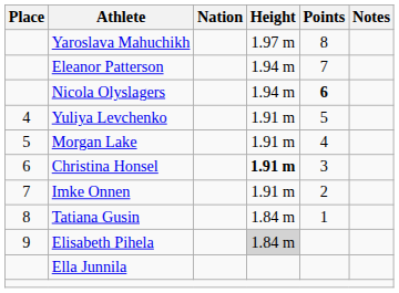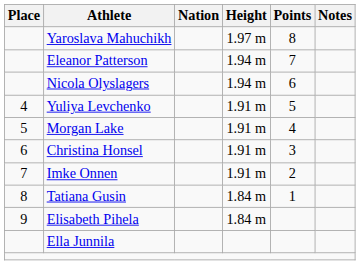 <table class="wikitable mw-datatable sortable" style="text-align:center;">
 <tr>
 <th scope="col">Place</th>
 <th scope="col">Athlete</th>
 <th scope="col">Nation</th>
 <th scope="col">Height</th>
 <th scope="col">Points</th>
 <th scope="col">Notes</th>
 </tr>
 <tr>
 <td></td>
 <td align="left"><a href='#'>Yaroslava Mahuchikh</a></td>
 <td align="left"></td>
 <td>1.97 m</td>
 <td>8</td>
 <td></td>
 </tr>
 <tr>
 <td></td>
 <td align="left"><a href='#'>Eleanor Patterson</a></td>
 <td align="left"></td>
 <td>1.94 m</td>
 <td>7</td>
 <td></td>
 </tr>
 <tr>
 <td></td>
 <td align="left"><a href='#'>Nicola Olyslagers</a></td>
 <td align="left"></td>
 <td>1.94 m</td>
-<td><strong>6</strong></td>
+<td>6</td>
 <td></td>
 </tr>
 <tr>
 <td>4</td>
 <td align="left"><a href='#'>Yuliya Levchenko</a></td>
 <td align="left"></td>
 <td>1.91 m</td>
 <td>5</td>
 <td></td>
 </tr>
 <tr>
 <td>5</td>
 <td align="left"><a href='#'>Morgan Lake</a></td>
 <td align="left"></td>
 <td>1.91 m</td>
 <td>4</td>
 <td></td>
 </tr>
 <tr>
 <td>6</td>
 <td align="left"><a href='#'>Christina Honsel</a></td>
 <td align="left"></td>
-<td><strong>1.91 m</strong></td>
+<td>1.91 m</td>
 <td>3</td>
 <td></td>
 </tr>
 <tr>
 <td>7</td>
 <td align="left"><a href='#'>Imke Onnen</a></td>
 <td align="left"></td>
 <td>1.91 m</td>
 <td>2</td>
 <td></td>
 </tr>
 <tr>
 <td>8</td>
 <td align="left"><a href='#'>Tatiana Gusin</a></td>
 <td align="left"></td>
 <td>1.84 m</td>
 <td>1</td>
 <td></td>
 </tr>
 <tr>
 <td>9</td>
 <td align="left"><a href='#'>Elisabeth Pihela</a></td>
 <td align="left"></td>
-<td style="background: lightgrey;">1.84 m</td>
+<td>1.84 m</td>
 <td></td>
 <td></td>
 </tr>
 <tr>
 <td></td>
 <td align="left"><a href='#'>Ella Junnila</a></td>
 <td align="left"></td>
 <td></td>
 <td></td>
 <td></td>
 </tr>
 <tr class="sortbottom">
 <td colspan="6"></td>
 </tr>
 </table>
